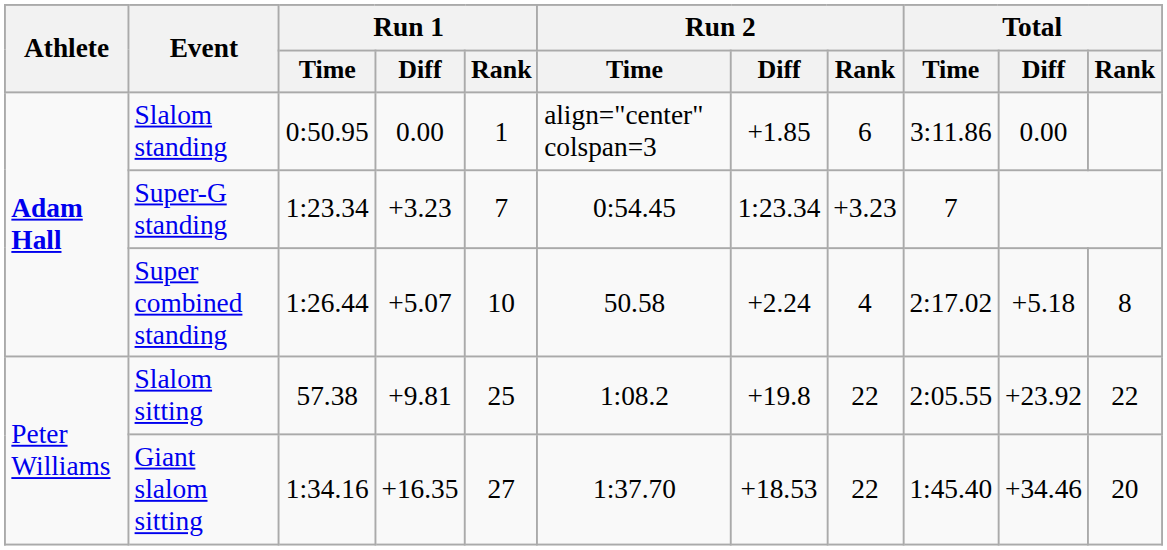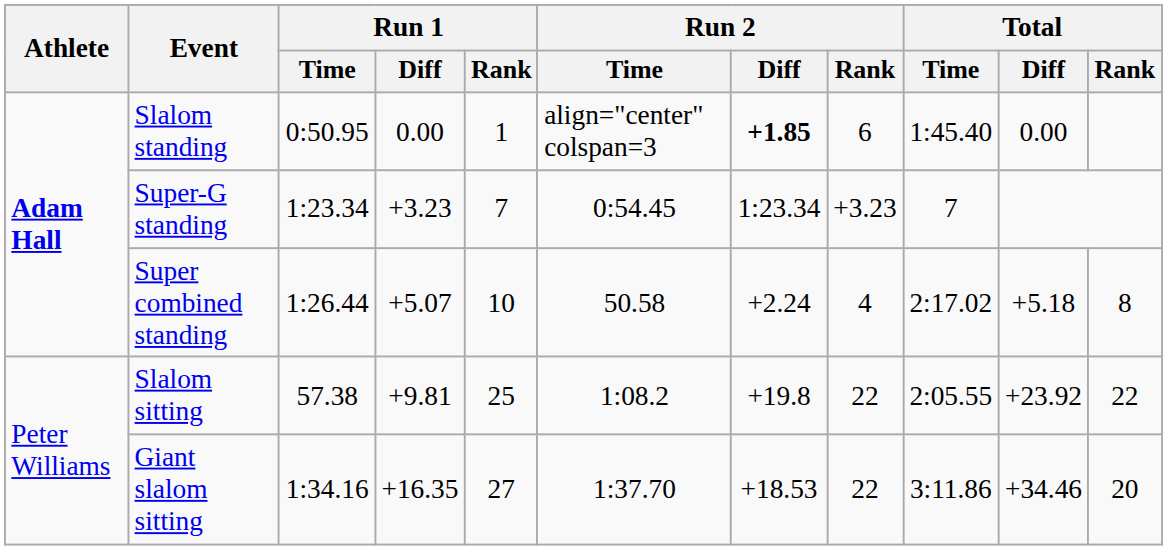 <table class="wikitable" style="font-size:90%">
 <tr>
 <th rowspan="2">Athlete</th>
 <th rowspan="2">Event</th>
 <th colspan="3">Run 1</th>
 <th colspan="3">Run 2</th>
 <th colspan="3">Total</th>
 </tr>
 <tr style=font-size:95%>
 <th>Time</th>
 <th>Diff</th>
 <th>Rank</th>
 <th>Time</th>
 <th>Diff</th>
 <th>Rank</th>
 <th>Time</th>
 <th>Diff</th>
 <th>Rank</th>
 </tr>
 <tr>
 <td rowspan=3><strong><a href='#'>Adam Hall</a></strong></td>
 <td><a href='#'>Slalom standing</a></td>
 <td align="center">0:50.95</td>
 <td align="center">0.00</td>
 <td align="center">1</td>
 <td>align="center" colspan=3 </td>
-<td align="center">+1.85</td>
+<td align="center"><strong>+1.85</strong></td>
 <td align="center">6</td>
-<td align="center">3:11.86</td>
+<td align="center">1:45.40</td>
 <td align="center">0.00</td>
 <td align="center"></td>
 </tr>
 <tr>
 <td><a href='#'>Super-G standing</a></td>
 <td align="center">1:23.34</td>
 <td align="center">+3.23</td>
 <td align="center">7</td>
 <td align="center">0:54.45</td>
 <td align="center">1:23.34</td>
 <td align="center">+3.23</td>
 <td align="center">7</td>
 </tr>
 <tr>
 <td><a href='#'>Super combined standing</a></td>
 <td align="center">1:26.44</td>
 <td align="center">+5.07</td>
 <td align="center">10</td>
 <td align="center">50.58</td>
 <td align="center">+2.24</td>
 <td align="center">4</td>
 <td align="center">2:17.02</td>
 <td align="center">+5.18</td>
 <td align="center">8</td>
 </tr>
 <tr>
 <td rowspan=2><a href='#'>Peter Williams</a></td>
 <td><a href='#'>Slalom sitting</a></td>
 <td align="center">57.38</td>
 <td align="center">+9.81</td>
 <td align="center">25</td>
 <td align="center">1:08.2</td>
 <td align="center">+19.8</td>
 <td align="center">22</td>
 <td align="center">2:05.55</td>
 <td align="center">+23.92</td>
 <td align="center">22</td>
 </tr>
 <tr>
 <td><a href='#'>Giant slalom sitting</a></td>
 <td align="center">1:34.16</td>
 <td align="center">+16.35</td>
 <td align="center">27</td>
 <td align="center">1:37.70</td>
 <td align="center">+18.53</td>
 <td align="center">22</td>
-<td align="center">1:45.40</td>
+<td align="center">3:11.86</td>
 <td align="center">+34.46</td>
 <td align="center">20</td>
 </tr>
 </table>
